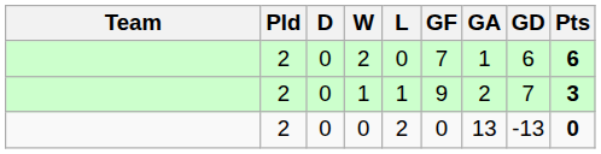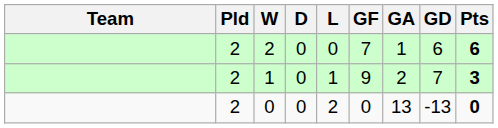 <table class="wikitable" style="text-align:center;">
 <tr>
 <th width=175>Team</th>
 <th style="width:20px;" abbr="Played">Pld</th>
+<th style="width:20px;" abbr="Won">W</th>
 <th style="width:20px;" abbr="Drawn">D</th>
-<th style="width:20px;" abbr="Won">W</th>
 <th style="width:20px;" abbr="Lost">L</th>
 <th style="width:20px;" abbr="Goals for">GF</th>
 <th style="width:20px;" abbr="Goals against">GA</th>
 <th style="width:20px;" abbr="Goal difference">GD</th>
 <th style="width:20px;" abbr="Points">Pts</th>
 </tr>
 <tr style="background:#cfc;">
 <td align=left></td>
 <td>2</td>
+<td>2</td>
 <td>0</td>
-<td>2</td>
 <td>0</td>
 <td>7</td>
 <td>1</td>
 <td>6</td>
 <td><strong>6</strong></td>
 </tr>
 <tr style="background:#cfc;">
 <td align=left></td>
 <td>2</td>
+<td>1</td>
 <td>0</td>
-<td>1</td>
 <td>1</td>
 <td>9</td>
 <td>2</td>
 <td>7</td>
 <td><strong>3</strong></td>
 </tr>
 <tr>
 <td align=left></td>
 <td>2</td>
 <td>0</td>
 <td>0</td>
 <td>2</td>
 <td>0</td>
 <td>13</td>
 <td>-13</td>
 <td><strong>0</strong></td>
 </tr>
 </table>
